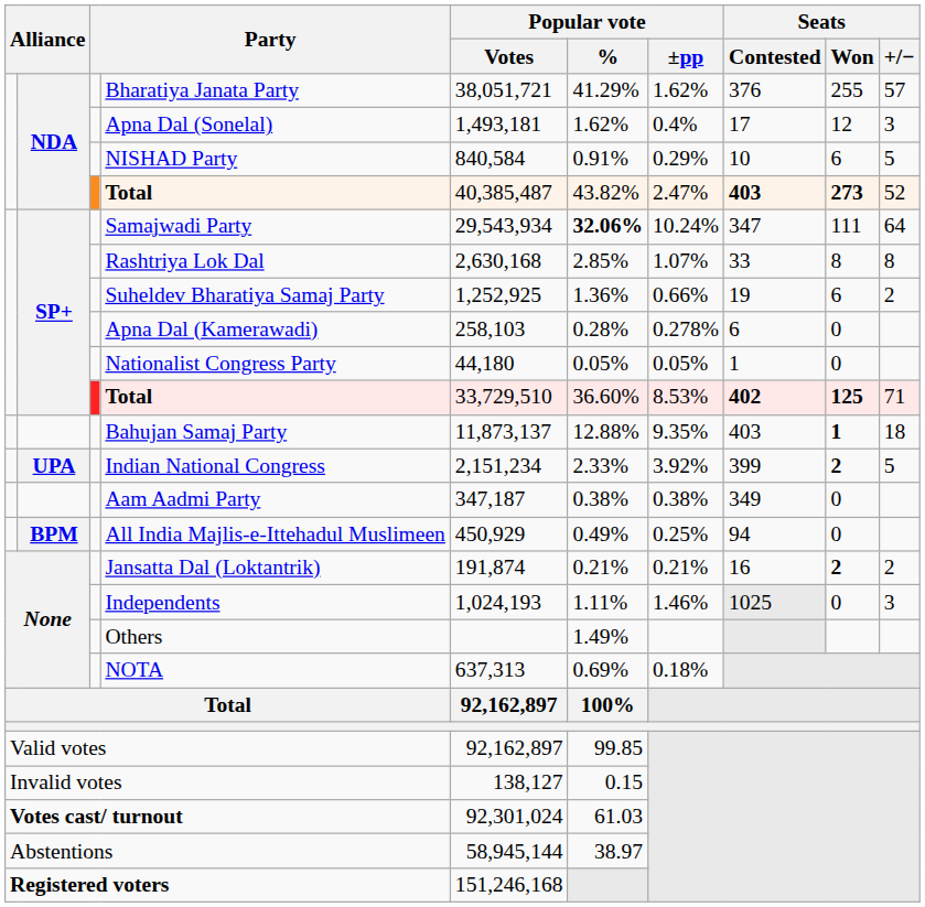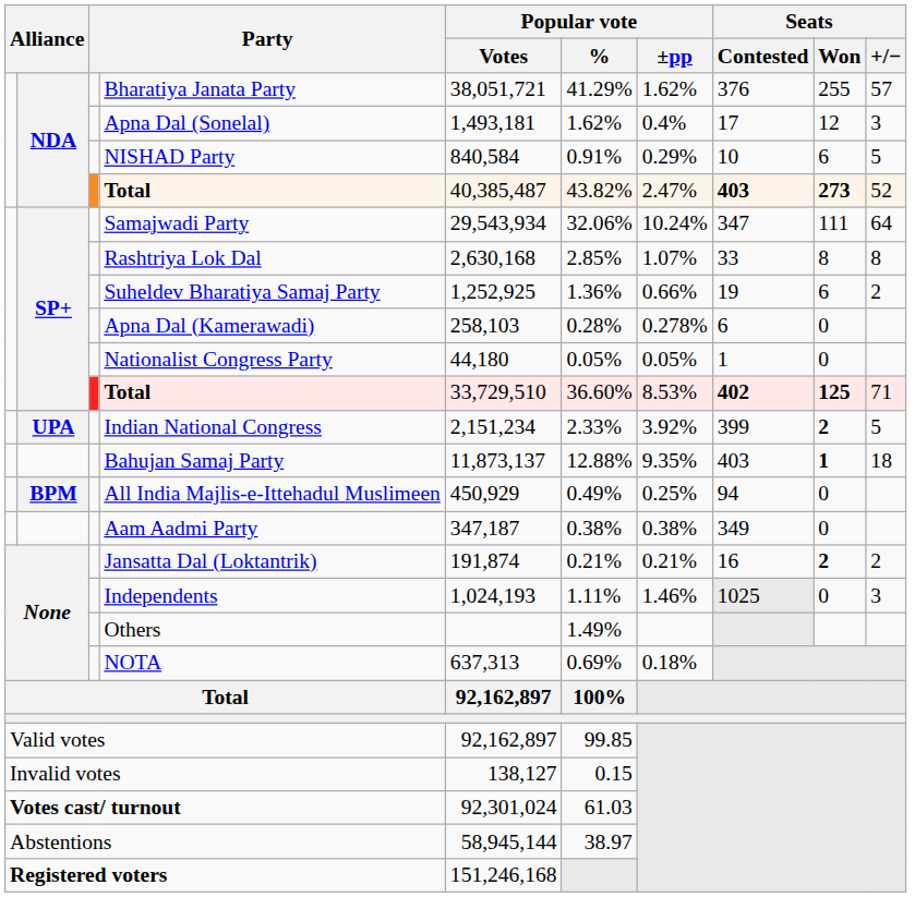 <table class="wikitable sortable">
 <tr>
 <th colspan="2" rowspan="2">Alliance</th>
 <th colspan="2" rowspan="2">Party</th>
 <th colspan="3">Popular vote</th>
 <th colspan="3">Seats</th>
 </tr>
 <tr>
 <th>Votes</th>
 <th>%</th>
 <th>±<a href='#'>pp</a></th>
 <th>Contested</th>
 <th>Won</th>
 <th><strong>+/−</strong></th>
 </tr>
 <tr>
 <td rowspan="4"></td>
 <th rowspan="4"><a href='#'>NDA</a></th>
 <td></td>
 <td><a href='#'>Bharatiya Janata Party</a></td>
 <td>38,051,721</td>
 <td>41.29%</td>
 <td> 1.62%</td>
 <td>376</td>
 <td>255</td>
 <td> 57</td>
 </tr>
 <tr>
 <td></td>
 <td><a href='#'>Apna Dal (Sonelal)</a></td>
 <td>1,493,181</td>
 <td>1.62%</td>
 <td> 0.4%</td>
 <td>17</td>
 <td>12</td>
 <td> 3</td>
 </tr>
 <tr>
 <td></td>
 <td><a href='#'>NISHAD Party</a></td>
 <td>840,584</td>
 <td>0.91%</td>
 <td>  0.29%</td>
 <td>10</td>
 <td>6</td>
 <td> 5</td>
 </tr>
 <tr>
 <td style="background:#F98C1F"></td>
 <td style="background:#fef3e8"><strong>Total</strong></td>
 <td style="background:#fef3e8">40,385,487</td>
 <td style="background:#fef3e8">43.82%</td>
 <td style="background:#fef3e8"> 2.47% </td>
 <td style="background:#fef3e8"><strong>403</strong></td>
 <td style="background:#fef3e8"><strong>273</strong></td>
 <td style="background:#fef3e8"> 52</td>
 </tr>
 <tr>
 <td rowspan="6"></td>
 <th rowspan="6"><a href='#'>SP+</a></th>
 <td></td>
 <td><a href='#'>Samajwadi Party</a></td>
 <td>29,543,934</td>
-<td><strong>32.06%</strong></td>
+<td>32.06%</td>
 <td> 10.24%</td>
 <td>347</td>
 <td>111</td>
 <td> 64</td>
 </tr>
 <tr>
 <td></td>
 <td><a href='#'>Rashtriya Lok Dal</a></td>
 <td>2,630,168</td>
 <td>2.85%</td>
 <td>1.07%</td>
 <td>33</td>
 <td>8</td>
 <td> 8</td>
 </tr>
 <tr>
 <td></td>
 <td><a href='#'>Suheldev Bharatiya Samaj Party</a></td>
 <td>1,252,925</td>
 <td>1.36%</td>
 <td> 0.66%</td>
 <td>19</td>
 <td>6</td>
 <td> 2</td>
 </tr>
 <tr>
 <td></td>
 <td><a href='#'>Apna Dal (Kamerawadi)</a></td>
 <td>258,103</td>
 <td>0.28%</td>
 <td> 0.278%</td>
 <td>6</td>
 <td>0</td>
 <td></td>
 </tr>
 <tr>
 <td></td>
 <td><a href='#'>Nationalist Congress Party</a></td>
 <td>44,180</td>
 <td>0.05%</td>
 <td> 0.05%</td>
 <td>1</td>
 <td>0</td>
 <td></td>
 </tr>
 <tr>
 <td style="background:#FF2222"></td>
 <td style="background:#ffe8e8"><strong>Total</strong></td>
 <td style="background:#ffe8e8">33,729,510</td>
 <td style="background:#ffe8e8">36.60%</td>
 <td style="background:#ffe8e8"> 8.53%</td>
 <td style="background:#ffe8e8"><strong>402</strong></td>
 <td style="background:#ffe8e8"><strong>125</strong></td>
 <td style="background:#ffe8e8"> 71</td>
 </tr>
 <tr>
 <td></td>
-<td></td>
-<td></td>
-<td><a href='#'>Bahujan Samaj Party</a></td>
-<td>11,873,137</td>
-<td>12.88%</td>
-<td> 9.35%</td>
-<td>403</td>
-<td><strong>1</strong></td>
-<td> 18</td>
-</tr>
-<tr>
-<td></td>
 <th><a href='#'>UPA</a></th>
 <td></td>
 <td><a href='#'>Indian National Congress</a></td>
 <td>2,151,234</td>
 <td>2.33%</td>
 <td> 3.92%</td>
 <td>399</td>
 <td><strong>2</strong></td>
 <td> 5</td>
 </tr>
 <tr>
 <td></td>
 <td></td>
 <td></td>
-<td><a href='#'>Aam Aadmi Party</a></td>
-<td>347,187</td>
-<td>0.38%</td>
-<td> 0.38%</td>
-<td>349</td>
-<td>0</td>
-<td></td>
+<td><a href='#'>Bahujan Samaj Party</a></td>
+<td>11,873,137</td>
+<td>12.88%</td>
+<td> 9.35%</td>
+<td>403</td>
+<td><strong>1</strong></td>
+<td> 18</td>
 </tr>
 <tr>
 <td></td>
 <th><a href='#'>BPM</a></th>
 <td></td>
 <td><a href='#'>All India Majlis-e-Ittehadul Muslimeen</a></td>
 <td>450,929</td>
 <td>0.49%</td>
 <td> 0.25%</td>
 <td>94</td>
+<td>0</td>
+<td></td>
+</tr>
+<tr>
+<td></td>
+<td></td>
+<td></td>
+<td><a href='#'>Aam Aadmi Party</a></td>
+<td>347,187</td>
+<td>0.38%</td>
+<td> 0.38%</td>
+<td>349</td>
 <td>0</td>
 <td></td>
 </tr>
 <tr>
 <th colspan="2" rowspan="4"><em>None</em></th>
 <td></td>
 <td><a href='#'>Jansatta Dal (Loktantrik)</a></td>
 <td>191,874</td>
 <td>0.21%</td>
 <td> 0.21%</td>
 <td>16</td>
 <td><strong>2</strong></td>
 <td> 2</td>
 </tr>
 <tr>
 <td></td>
 <td><a href='#'>Independents</a></td>
 <td>1,024,193</td>
 <td>1.11%</td>
 <td>1.46%</td>
 <td style="background-color:#E9E9E9">1025</td>
 <td>0</td>
 <td>3</td>
 </tr>
 <tr>
 <td></td>
 <td>Others</td>
 <td></td>
 <td>1.49%</td>
 <td></td>
 <td style="background-color:#E9E9E9"></td>
 <td></td>
 <td></td>
 </tr>
 <tr>
 <td></td>
 <td><a href='#'>NOTA</a></td>
 <td>637,313</td>
 <td>0.69%</td>
 <td> 0.18%</td>
 <th colspan="3" style="background-color:#E9E9E9"></th>
 </tr>
 <tr>
 <th colspan="4">Total</th>
 <th>92,162,897</th>
 <th>100%</th>
 <th colspan="4" style="background-color:#E9E9E9"></th>
 </tr>
 <tr>
 <th colspan="10"></th>
 </tr>
 <tr>
 <td colspan="4" style="text-align:left;">Valid votes</td>
 <td align="right">92,162,897</td>
 <td align="right">99.85</td>
 <th colspan="4" rowspan="5" style="background-color:#E9E9E9"></th>
 </tr>
 <tr>
 <td colspan="4" style="text-align:left;">Invalid votes</td>
 <td align="right">138,127</td>
 <td align="right">0.15</td>
 </tr>
 <tr>
 <td colspan="4" style="text-align:left;"><strong>Votes cast/ turnout</strong></td>
 <td align="right">92,301,024</td>
 <td align="right">61.03</td>
 </tr>
 <tr>
 <td colspan="4" style="text-align:left;">Abstentions</td>
 <td align="right">58,945,144</td>
 <td align="right">38.97</td>
 </tr>
 <tr>
 <td colspan="4" style="text-align:left;"><strong>Registered voters</strong></td>
 <td align="right">151,246,168</td>
 <td style="background-color:#E9E9E9"></td>
 </tr>
 </table>
